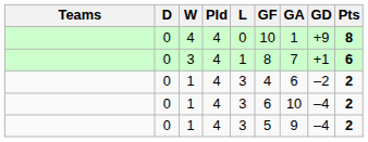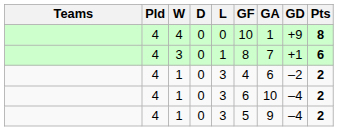 <table class="wikitable" style="text-align: center;">
 <tr>
 <th width=165>Teams</th>
+<th width=20>Pld</th>
+<th width=20>W</th>
 <th width=20>D</th>
-<th width=20>W</th>
-<th width=20>Pld</th>
 <th width=20>L</th>
 <th width=20>GF</th>
 <th width=20>GA</th>
 <th width=20>GD</th>
 <th width=20>Pts</th>
 </tr>
 <tr align=center style="background:#ccffcc;">
 <td style="text-align:left;"></td>
-<td>0</td>
 <td>4</td>
 <td>4</td>
+<td>0</td>
 <td>0</td>
 <td>10</td>
 <td>1</td>
 <td>+9</td>
 <td><strong>8</strong></td>
 </tr>
 <tr align=center style="background:#ccffcc;">
 <td style="text-align:left;"></td>
+<td>4</td>
+<td>3</td>
 <td>0</td>
-<td>3</td>
-<td>4</td>
 <td>1</td>
 <td>8</td>
 <td>7</td>
 <td>+1</td>
 <td><strong>6</strong></td>
 </tr>
 <tr align=center>
 <td style="text-align:left;"></td>
+<td>4</td>
+<td>1</td>
 <td>0</td>
-<td>1</td>
-<td>4</td>
 <td>3</td>
 <td>4</td>
 <td>6</td>
 <td>–2</td>
 <td><strong>2</strong></td>
 </tr>
 <tr align=center>
 <td style="text-align:left;"></td>
+<td>4</td>
+<td>1</td>
 <td>0</td>
-<td>1</td>
-<td>4</td>
 <td>3</td>
 <td>6</td>
 <td>10</td>
 <td>–4</td>
 <td><strong>2</strong></td>
 </tr>
 <tr align=center>
 <td style="text-align:left;"></td>
+<td>4</td>
+<td>1</td>
 <td>0</td>
-<td>1</td>
-<td>4</td>
 <td>3</td>
 <td>5</td>
 <td>9</td>
 <td>–4</td>
 <td><strong>2</strong></td>
 </tr>
 </table>
